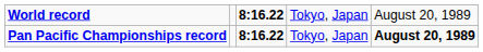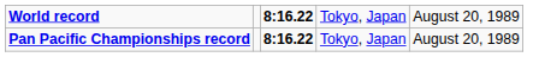 <table class="wikitable">
 <tr>
 <td><strong><a href='#'>World record</a></strong></td>
 <td></td>
 <td><strong>8:16.22</strong></td>
 <td><a href='#'>Tokyo</a>, <a href='#'>Japan</a></td>
 <td>August 20, 1989</td>
 </tr>
 <tr>
 <td><strong><a href='#'>Pan Pacific Championships record</a></strong></td>
 <td></td>
 <td><strong>8:16.22</strong></td>
 <td><a href='#'>Tokyo</a>, <a href='#'>Japan</a></td>
-<td><strong>August 20, 1989</strong></td>
+<td>August 20, 1989</td>
 </tr>
 </table>
